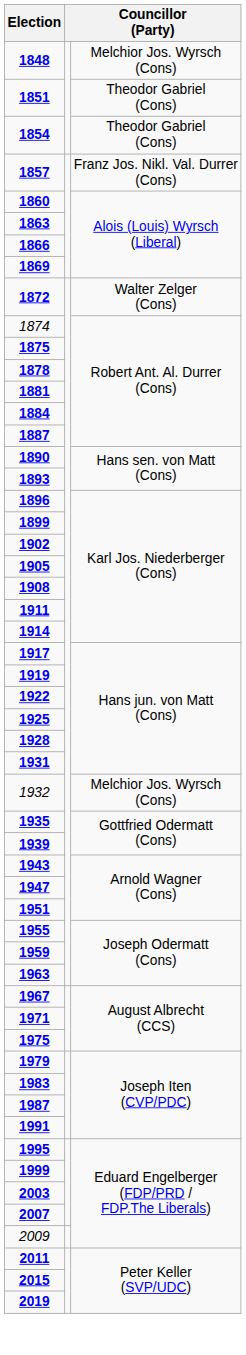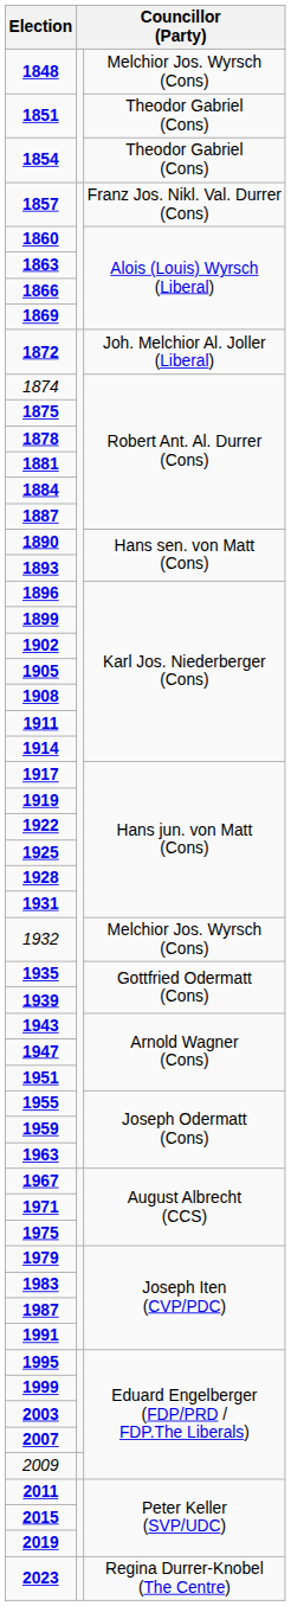 <table class="wikitable" style="text-align:center">
 <tr>
 <th>Election</th>
 <th colspan=2>Councillor<br>(Party)</th>
 </tr>
 <tr>
 <td><strong><a href='#'>1848</a></strong></td>
 <td rowspan=3; style="background-color: "></td>
 <td rowspan=1>Melchior Jos. Wyrsch<br>(Cons)</td>
 </tr>
 <tr>
 <td><strong><a href='#'>1851</a></strong></td>
 <td rowspan=1>Theodor Gabriel<br>(Cons)</td>
 </tr>
 <tr>
 <td><strong><a href='#'>1854</a></strong></td>
 <td rowspan=1>Theodor Gabriel<br>(Cons)</td>
 </tr>
 <tr>
 <td><strong><a href='#'>1857</a></strong></td>
 <td rowspan=5; style="background-color: "></td>
 <td rowspan=1>Franz Jos. Nikl. Val. Durrer<br>(Cons)</td>
 </tr>
 <tr>
 <td><strong><a href='#'>1860</a></strong></td>
 <td rowspan=4><a href='#'>Alois (Louis) Wyrsch</a><br>(<a href='#'>Liberal</a>)</td>
 </tr>
 <tr>
 <td><strong><a href='#'>1863</a></strong></td>
 </tr>
 <tr>
 <td><strong><a href='#'>1866</a></strong></td>
 </tr>
 <tr>
 <td><strong><a href='#'>1869</a></strong></td>
 </tr>
 <tr>
 <td><strong><a href='#'>1872</a></strong></td>
 <td rowspan=31; style="background-color: "></td>
-<td rowspan=1>Walter Zelger<br>(Cons)</td>
+<td rowspan=1>Joh. Melchior Al. Joller<br>(<a href='#'>Liberal</a>)</td>
 </tr>
 <tr>
 <td><em>1874</em></td>
 <td rowspan=6>Robert Ant. Al. Durrer<br>(Cons)</td>
 </tr>
 <tr>
 <td><strong><a href='#'>1875</a></strong></td>
 </tr>
 <tr>
 <td><strong><a href='#'>1878</a></strong></td>
 </tr>
 <tr>
 <td><strong><a href='#'>1881</a></strong></td>
 </tr>
 <tr>
 <td><strong><a href='#'>1884</a></strong></td>
 </tr>
 <tr>
 <td><strong><a href='#'>1887</a></strong></td>
 </tr>
 <tr>
 <td><strong><a href='#'>1890</a></strong></td>
 <td rowspan=2>Hans sen. von Matt<br>(Cons)</td>
 </tr>
 <tr>
 <td><strong><a href='#'>1893</a></strong></td>
 </tr>
 <tr>
 <td><strong><a href='#'>1896</a></strong></td>
 <td rowspan=7>Karl Jos. Niederberger<br>(Cons)</td>
 </tr>
 <tr>
 <td><strong><a href='#'>1899</a></strong></td>
 </tr>
 <tr>
 <td><strong><a href='#'>1902</a></strong></td>
 </tr>
 <tr>
 <td><strong><a href='#'>1905</a></strong></td>
 </tr>
 <tr>
 <td><strong><a href='#'>1908</a></strong></td>
 </tr>
 <tr>
 <td><strong><a href='#'>1911</a></strong></td>
 </tr>
 <tr>
 <td><strong><a href='#'>1914</a></strong></td>
 </tr>
 <tr>
 <td><strong><a href='#'>1917</a></strong></td>
 <td rowspan=6>Hans jun. von Matt<br>(Cons)</td>
 </tr>
 <tr>
 <td><strong><a href='#'>1919</a></strong></td>
 </tr>
 <tr>
 <td><strong><a href='#'>1922</a></strong></td>
 </tr>
 <tr>
 <td><strong><a href='#'>1925</a></strong></td>
 </tr>
 <tr>
 <td><strong><a href='#'>1928</a></strong></td>
 </tr>
 <tr>
 <td><strong><a href='#'>1931</a></strong></td>
 </tr>
 <tr>
 <td><em>1932</em></td>
 <td rowspan=1>Melchior Jos. Wyrsch<br>(Cons)</td>
 </tr>
 <tr>
 <td><strong><a href='#'>1935</a></strong></td>
 <td rowspan=2>Gottfried Odermatt<br>(Cons)</td>
 </tr>
 <tr>
 <td><strong><a href='#'>1939</a></strong></td>
 </tr>
 <tr>
 <td><strong><a href='#'>1943</a></strong></td>
 <td rowspan=3>Arnold Wagner<br>(Cons)</td>
 </tr>
 <tr>
 <td><strong><a href='#'>1947</a></strong></td>
 </tr>
 <tr>
 <td><strong><a href='#'>1951</a></strong></td>
 </tr>
 <tr>
 <td><strong><a href='#'>1955</a></strong></td>
 <td rowspan=3>Joseph Odermatt<br>(Cons)</td>
 </tr>
 <tr>
 <td><strong><a href='#'>1959</a></strong></td>
 </tr>
 <tr>
 <td><strong><a href='#'>1963</a></strong></td>
 </tr>
 <tr>
 <td><strong><a href='#'>1967</a></strong></td>
 <td rowspan=3; style="background-color: "></td>
 <td rowspan=3>August Albrecht<br>(CCS)</td>
 </tr>
 <tr>
 <td><strong><a href='#'>1971</a></strong></td>
 </tr>
 <tr>
 <td><strong><a href='#'>1975</a></strong></td>
 </tr>
 <tr>
 <td><strong><a href='#'>1979</a></strong></td>
 <td rowspan=4; style="background-color: "></td>
 <td rowspan=4>Joseph Iten<br>(<a href='#'>CVP/PDC</a>)</td>
 </tr>
 <tr>
 <td><strong><a href='#'>1983</a></strong></td>
 </tr>
 <tr>
 <td><strong><a href='#'>1987</a></strong></td>
 </tr>
 <tr>
 <td><strong><a href='#'>1991</a></strong></td>
 </tr>
 <tr>
 <td><strong><a href='#'>1995</a></strong></td>
 <td rowspan=4; style="background-color: "></td>
 <td rowspan=5>Eduard Engelberger<br>(<a href='#'>FDP/PRD</a> /<br><a href='#'>FDP.The Liberals</a>)</td>
 </tr>
 <tr>
 <td><strong><a href='#'>1999</a></strong></td>
 </tr>
 <tr>
 <td><strong><a href='#'>2003</a></strong></td>
 </tr>
 <tr>
 <td><strong><a href='#'>2007</a></strong></td>
 </tr>
 <tr>
 <td><em>2009</em></td>
 <td rowspan=1; style="background-color: "></td>
 </tr>
 <tr>
 <td><strong><a href='#'>2011</a></strong></td>
 <td rowspan=3; style="background-color: "></td>
 <td rowspan=3>Peter Keller<br>(<a href='#'>SVP/UDC</a>)</td>
 </tr>
 <tr>
 <td><strong><a href='#'>2015</a></strong></td>
 </tr>
 <tr>
 <td><strong><a href='#'>2019</a></strong></td>
 </tr>
+<tr>
+<td><strong><a href='#'>2023</a></strong></td>
+<td rowspan=1; style="background-color: "></td>
+<td rowspan=1>Regina Durrer-Knobel<br>(<a href='#'>The Centre</a>)</td>
+</tr>
 </table>
